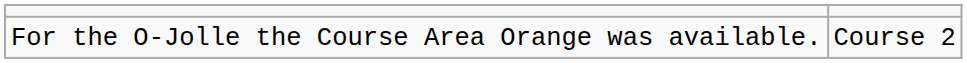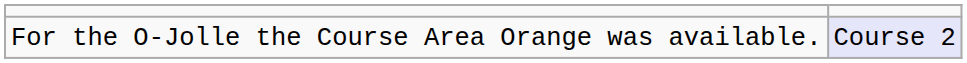 <table class="wikitable" style="text-align:center;">
 <tr>
 <td></td>
 <td></td>
 </tr>
 <tr>
 <td>For the O-Jolle the Course Area Orange was available.</td>
-<td>Course 2</td>
+<td style="background: lavender;">Course 2</td>
 </tr>
 </table>
